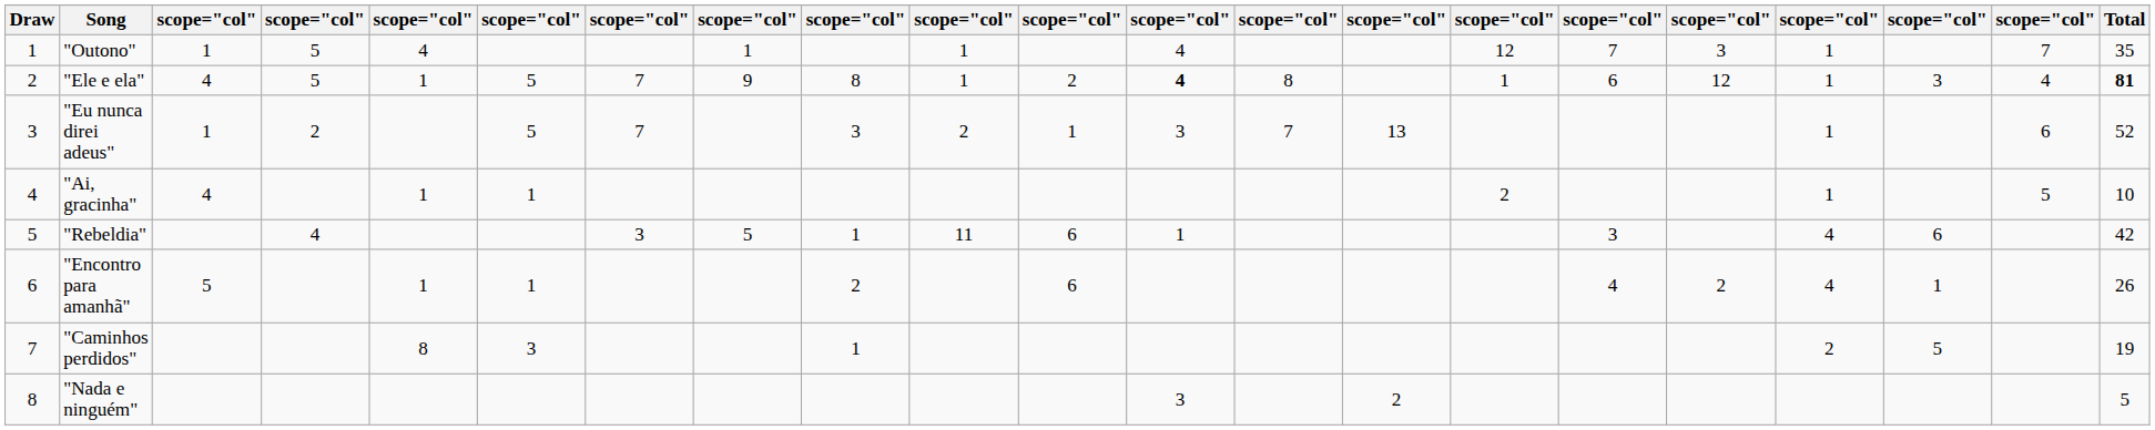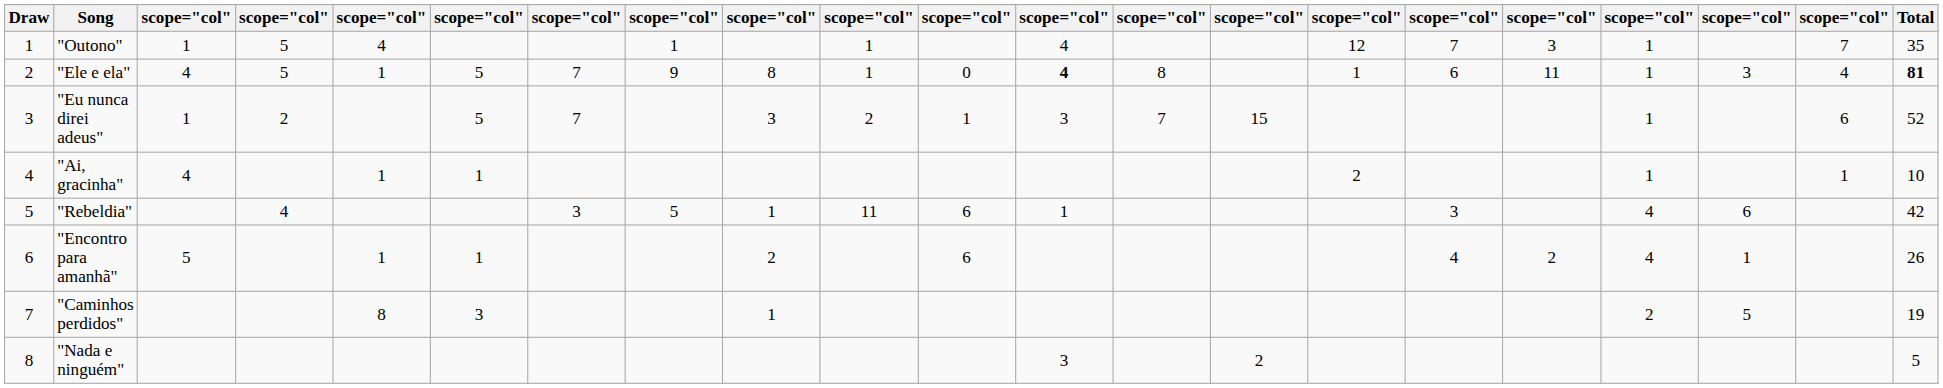 <table class="wikitable plainrowheaders" style="margin: 1em auto 1em auto; text-align:center;">
 <tr>
 </tr>
 <tr>
 <th scope="col">Draw</th>
 <th scope="col">Song</th>
 <th>scope="col" </th>
 <th>scope="col" </th>
 <th>scope="col" </th>
 <th>scope="col" </th>
 <th>scope="col" </th>
 <th>scope="col" </th>
 <th>scope="col" </th>
 <th>scope="col" </th>
 <th>scope="col" </th>
 <th>scope="col" </th>
 <th>scope="col" </th>
 <th>scope="col" </th>
 <th>scope="col" </th>
 <th>scope="col" </th>
 <th>scope="col" </th>
 <th>scope="col" </th>
 <th>scope="col" </th>
 <th>scope="col" </th>
 <th scope="col">Total</th>
 </tr>
 <tr>
 <td>1</td>
 <td align="left">"Outono"</td>
 <td>1</td>
 <td>5</td>
 <td>4</td>
 <td></td>
 <td></td>
 <td>1</td>
 <td></td>
 <td>1</td>
 <td></td>
 <td>4</td>
 <td></td>
 <td></td>
 <td>12</td>
 <td>7</td>
 <td>3</td>
 <td>1</td>
 <td></td>
 <td>7</td>
 <td>35</td>
 </tr>
 <tr>
 <td>2</td>
 <td align="left">"Ele e ela"</td>
 <td>4</td>
 <td>5</td>
 <td>1</td>
 <td>5</td>
 <td>7</td>
 <td>9</td>
 <td>8</td>
 <td>1</td>
-<td>2</td>
+<td>0</td>
 <td><strong>4</strong></td>
 <td>8</td>
 <td></td>
 <td>1</td>
 <td>6</td>
-<td>12</td>
+<td>11</td>
 <td>1</td>
 <td>3</td>
 <td>4</td>
 <td><strong>81</strong></td>
 </tr>
 <tr>
 <td>3</td>
 <td align="left">"Eu nunca direi adeus"</td>
 <td>1</td>
 <td>2</td>
 <td></td>
 <td>5</td>
 <td>7</td>
 <td></td>
 <td>3</td>
 <td>2</td>
 <td>1</td>
 <td>3</td>
 <td>7</td>
-<td>13</td>
+<td>15</td>
 <td></td>
 <td></td>
 <td></td>
 <td>1</td>
 <td></td>
 <td>6</td>
 <td>52</td>
 </tr>
 <tr>
 <td>4</td>
 <td align="left">"Ai, gracinha"</td>
 <td>4</td>
 <td></td>
 <td>1</td>
 <td>1</td>
 <td></td>
 <td></td>
 <td></td>
 <td></td>
 <td></td>
 <td></td>
 <td></td>
 <td></td>
 <td>2</td>
 <td></td>
 <td></td>
 <td>1</td>
 <td></td>
-<td>5</td>
+<td>1</td>
 <td>10</td>
 </tr>
 <tr>
 <td>5</td>
 <td align="left">"Rebeldia"</td>
 <td></td>
 <td>4</td>
 <td></td>
 <td></td>
 <td>3</td>
 <td>5</td>
 <td>1</td>
 <td>11</td>
 <td>6</td>
 <td>1</td>
 <td></td>
 <td></td>
 <td></td>
 <td>3</td>
 <td></td>
 <td>4</td>
 <td>6</td>
 <td></td>
 <td>42</td>
 </tr>
 <tr>
 <td>6</td>
 <td align="left">"Encontro para amanhã"</td>
 <td>5</td>
 <td></td>
 <td>1</td>
 <td>1</td>
 <td></td>
 <td></td>
 <td>2</td>
 <td></td>
 <td>6</td>
 <td></td>
 <td></td>
 <td></td>
 <td></td>
 <td>4</td>
 <td>2</td>
 <td>4</td>
 <td>1</td>
 <td></td>
 <td>26</td>
 </tr>
 <tr>
 <td>7</td>
 <td align="left">"Caminhos perdidos"</td>
 <td></td>
 <td></td>
 <td>8</td>
 <td>3</td>
 <td></td>
 <td></td>
 <td>1</td>
 <td></td>
 <td></td>
 <td></td>
 <td></td>
 <td></td>
 <td></td>
 <td></td>
 <td></td>
 <td>2</td>
 <td>5</td>
 <td></td>
 <td>19</td>
 </tr>
 <tr>
 <td>8</td>
 <td align="left">"Nada e ninguém"</td>
 <td></td>
 <td></td>
 <td></td>
 <td></td>
 <td></td>
 <td></td>
 <td></td>
 <td></td>
 <td></td>
 <td>3</td>
 <td></td>
 <td>2</td>
 <td></td>
 <td></td>
 <td></td>
 <td></td>
 <td></td>
 <td></td>
 <td>5</td>
 </tr>
 </table>
